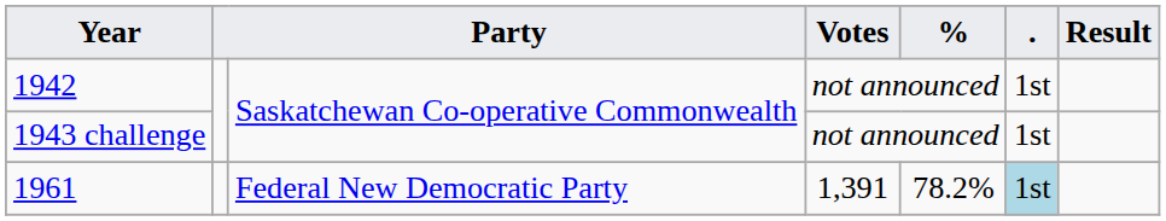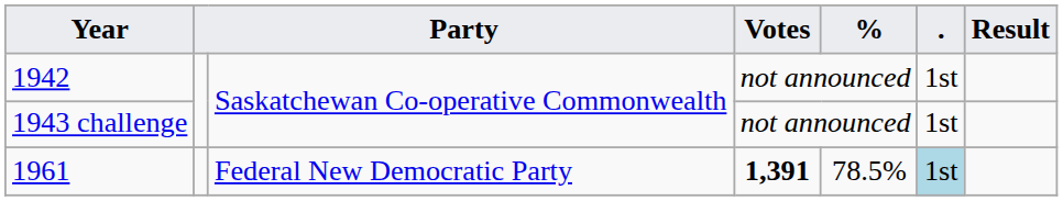 <table class="wikitable" style="font-size:90%; text-align:center;">
 <tr>
 <th style="background:#eaecf0;">Year</th>
 <th colspan="2" style="background:#eaecf0;">Party</th>
 <th style="background:#eaecf0;">Votes</th>
 <th style="background:#eaecf0;">%</th>
 <th style="background:#eaecf0;">.</th>
 <th style="background:#eaecf0;">Result</th>
 </tr>
 <tr>
 <td align="left"><a href='#'>1942</a></td>
 <td rowspan="2" style="background-color:"></td>
 <td rowspan ="2" align="left"><a href='#'>Saskatchewan Co-operative Commonwealth</a></td>
 <td colspan="2"><em>not announced</em></td>
 <td>1st</td>
 <td></td>
 </tr>
 <tr>
 <td align="left"><a href='#'>1943 challenge</a></td>
 <td colspan="2"><em>not announced</em></td>
 <td>1st</td>
 <td></td>
 </tr>
 <tr>
 <td align="left"><a href='#'>1961</a></td>
 <td style="background-color:"></td>
 <td align="left"><a href='#'>Federal New Democratic Party</a></td>
-<td>1,391</td>
-<td>78.2%</td>
+<td><strong>1,391</strong></td>
+<td>78.5%</td>
 <td style="background: lightblue;">1st</td>
 <td></td>
 </tr>
 </table>
